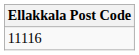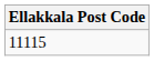 <table class="wikitable">
 <tr>
 <th>Ellakkala Post Code</th>
 </tr>
 <tr>
-<td>11116</td>
+<td>11115</td>
 </tr>
 </table>
